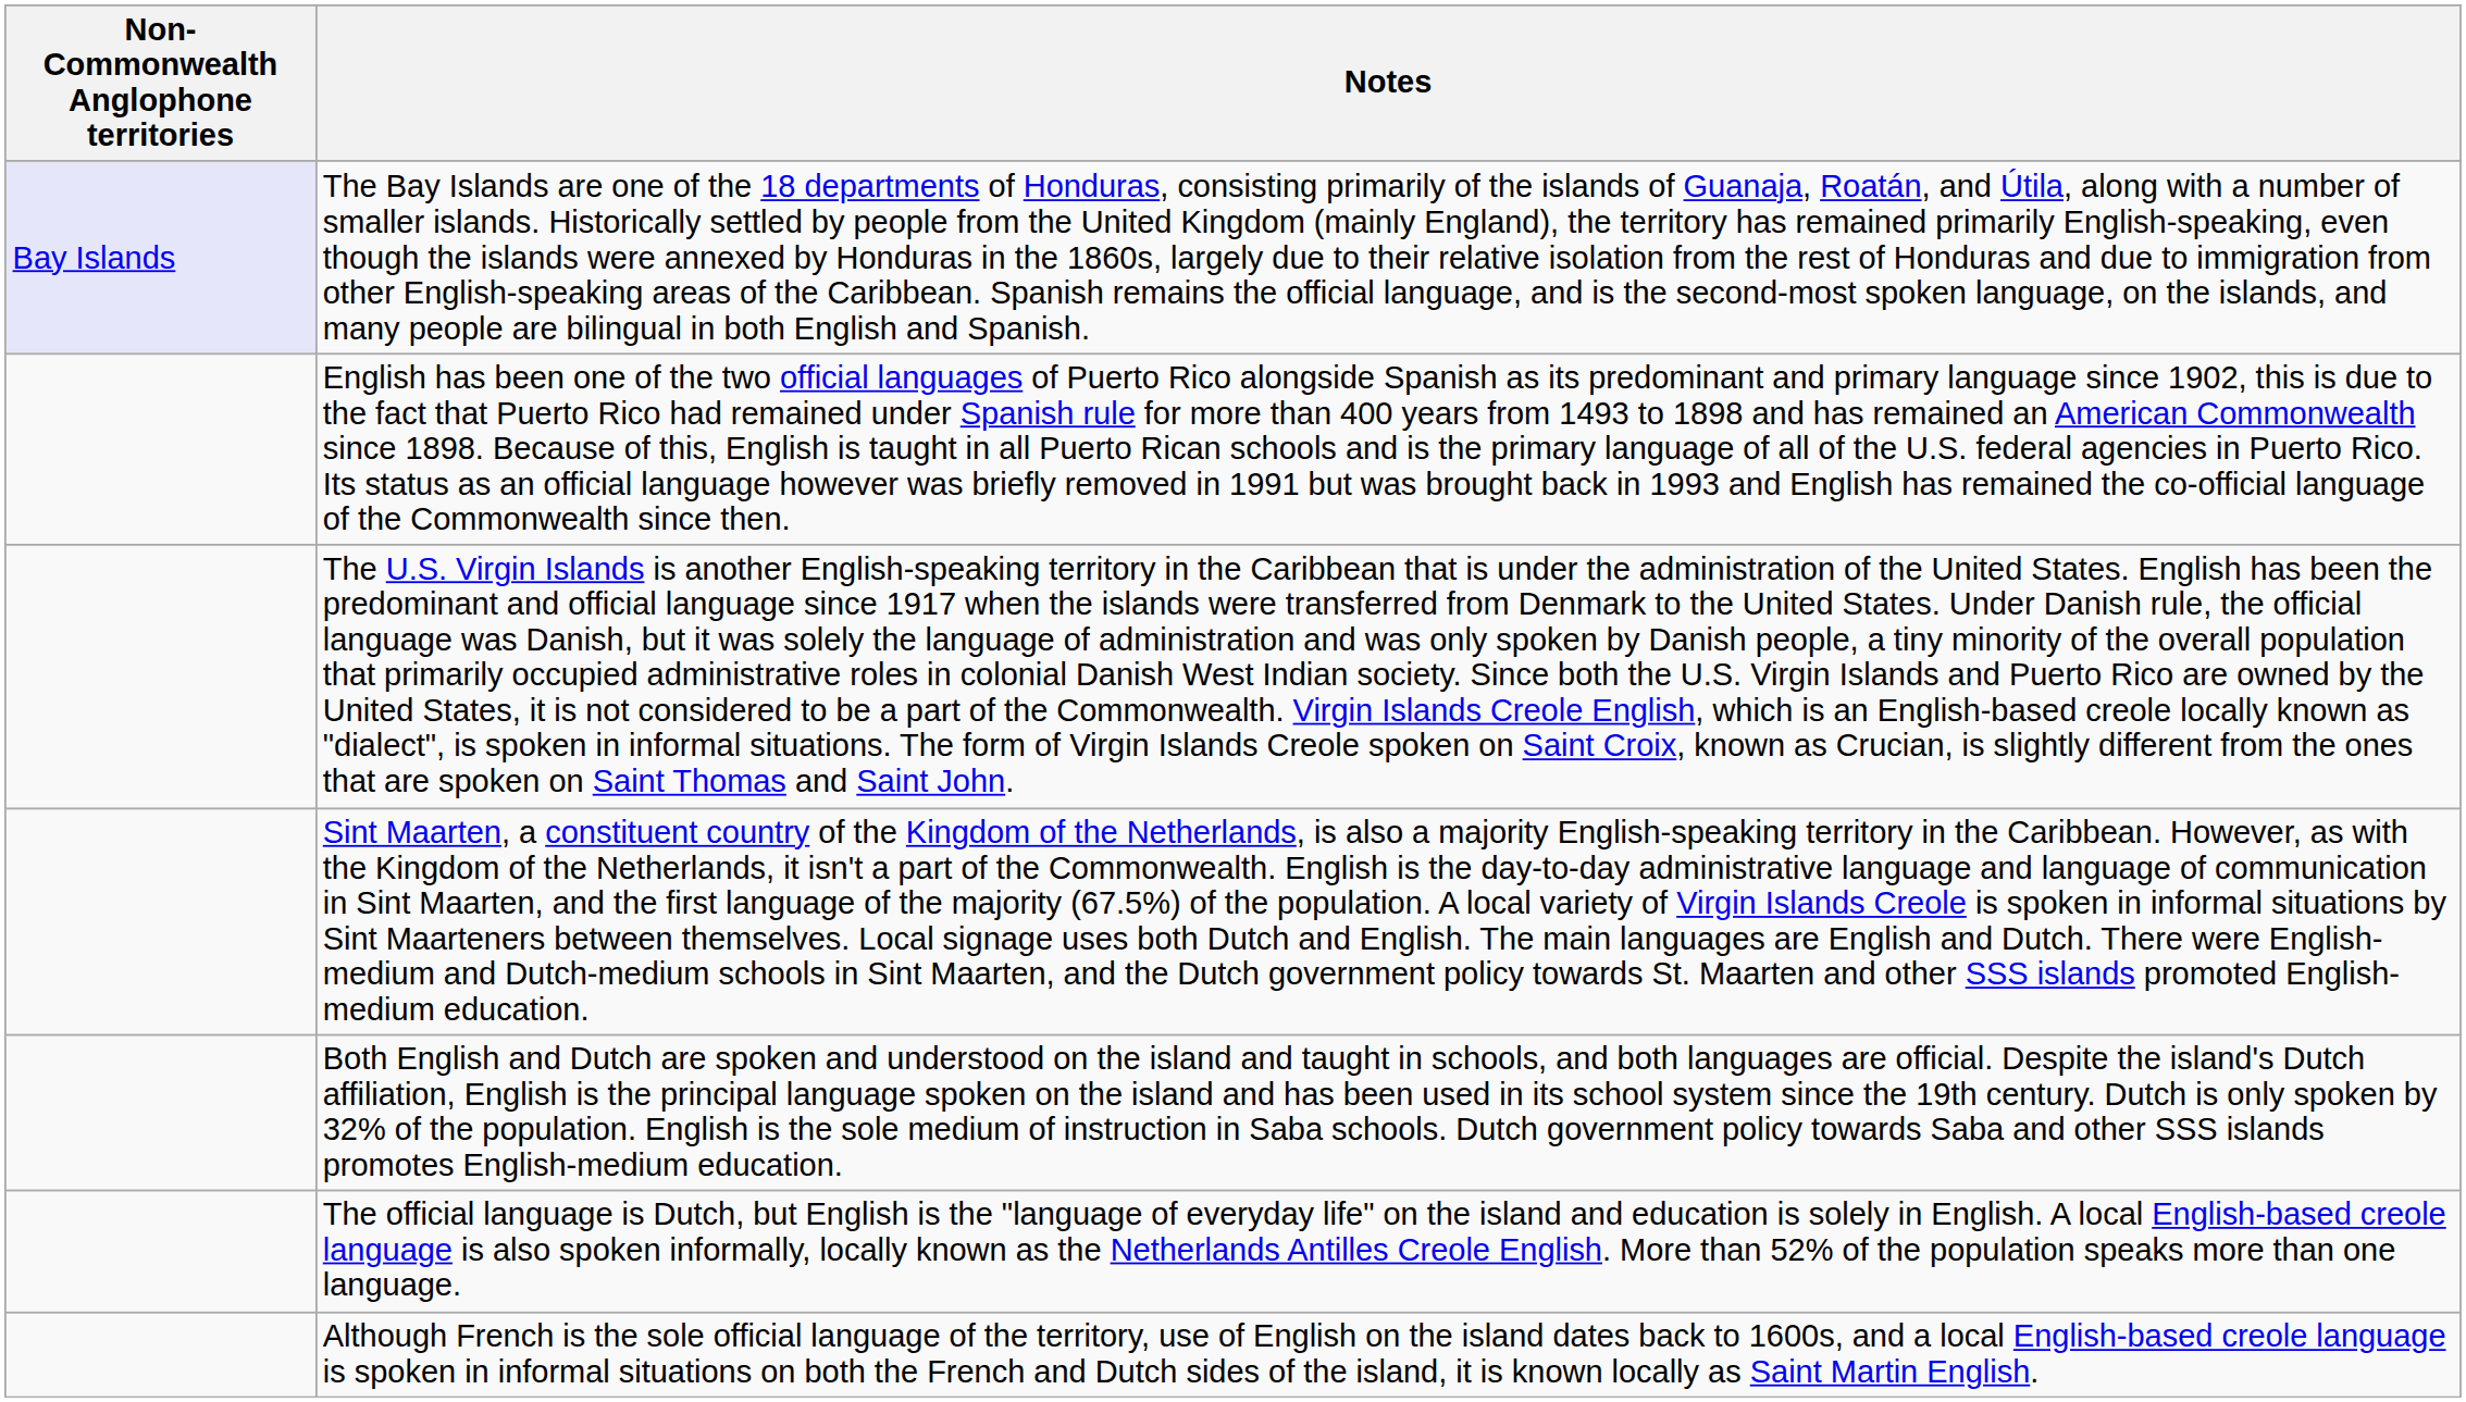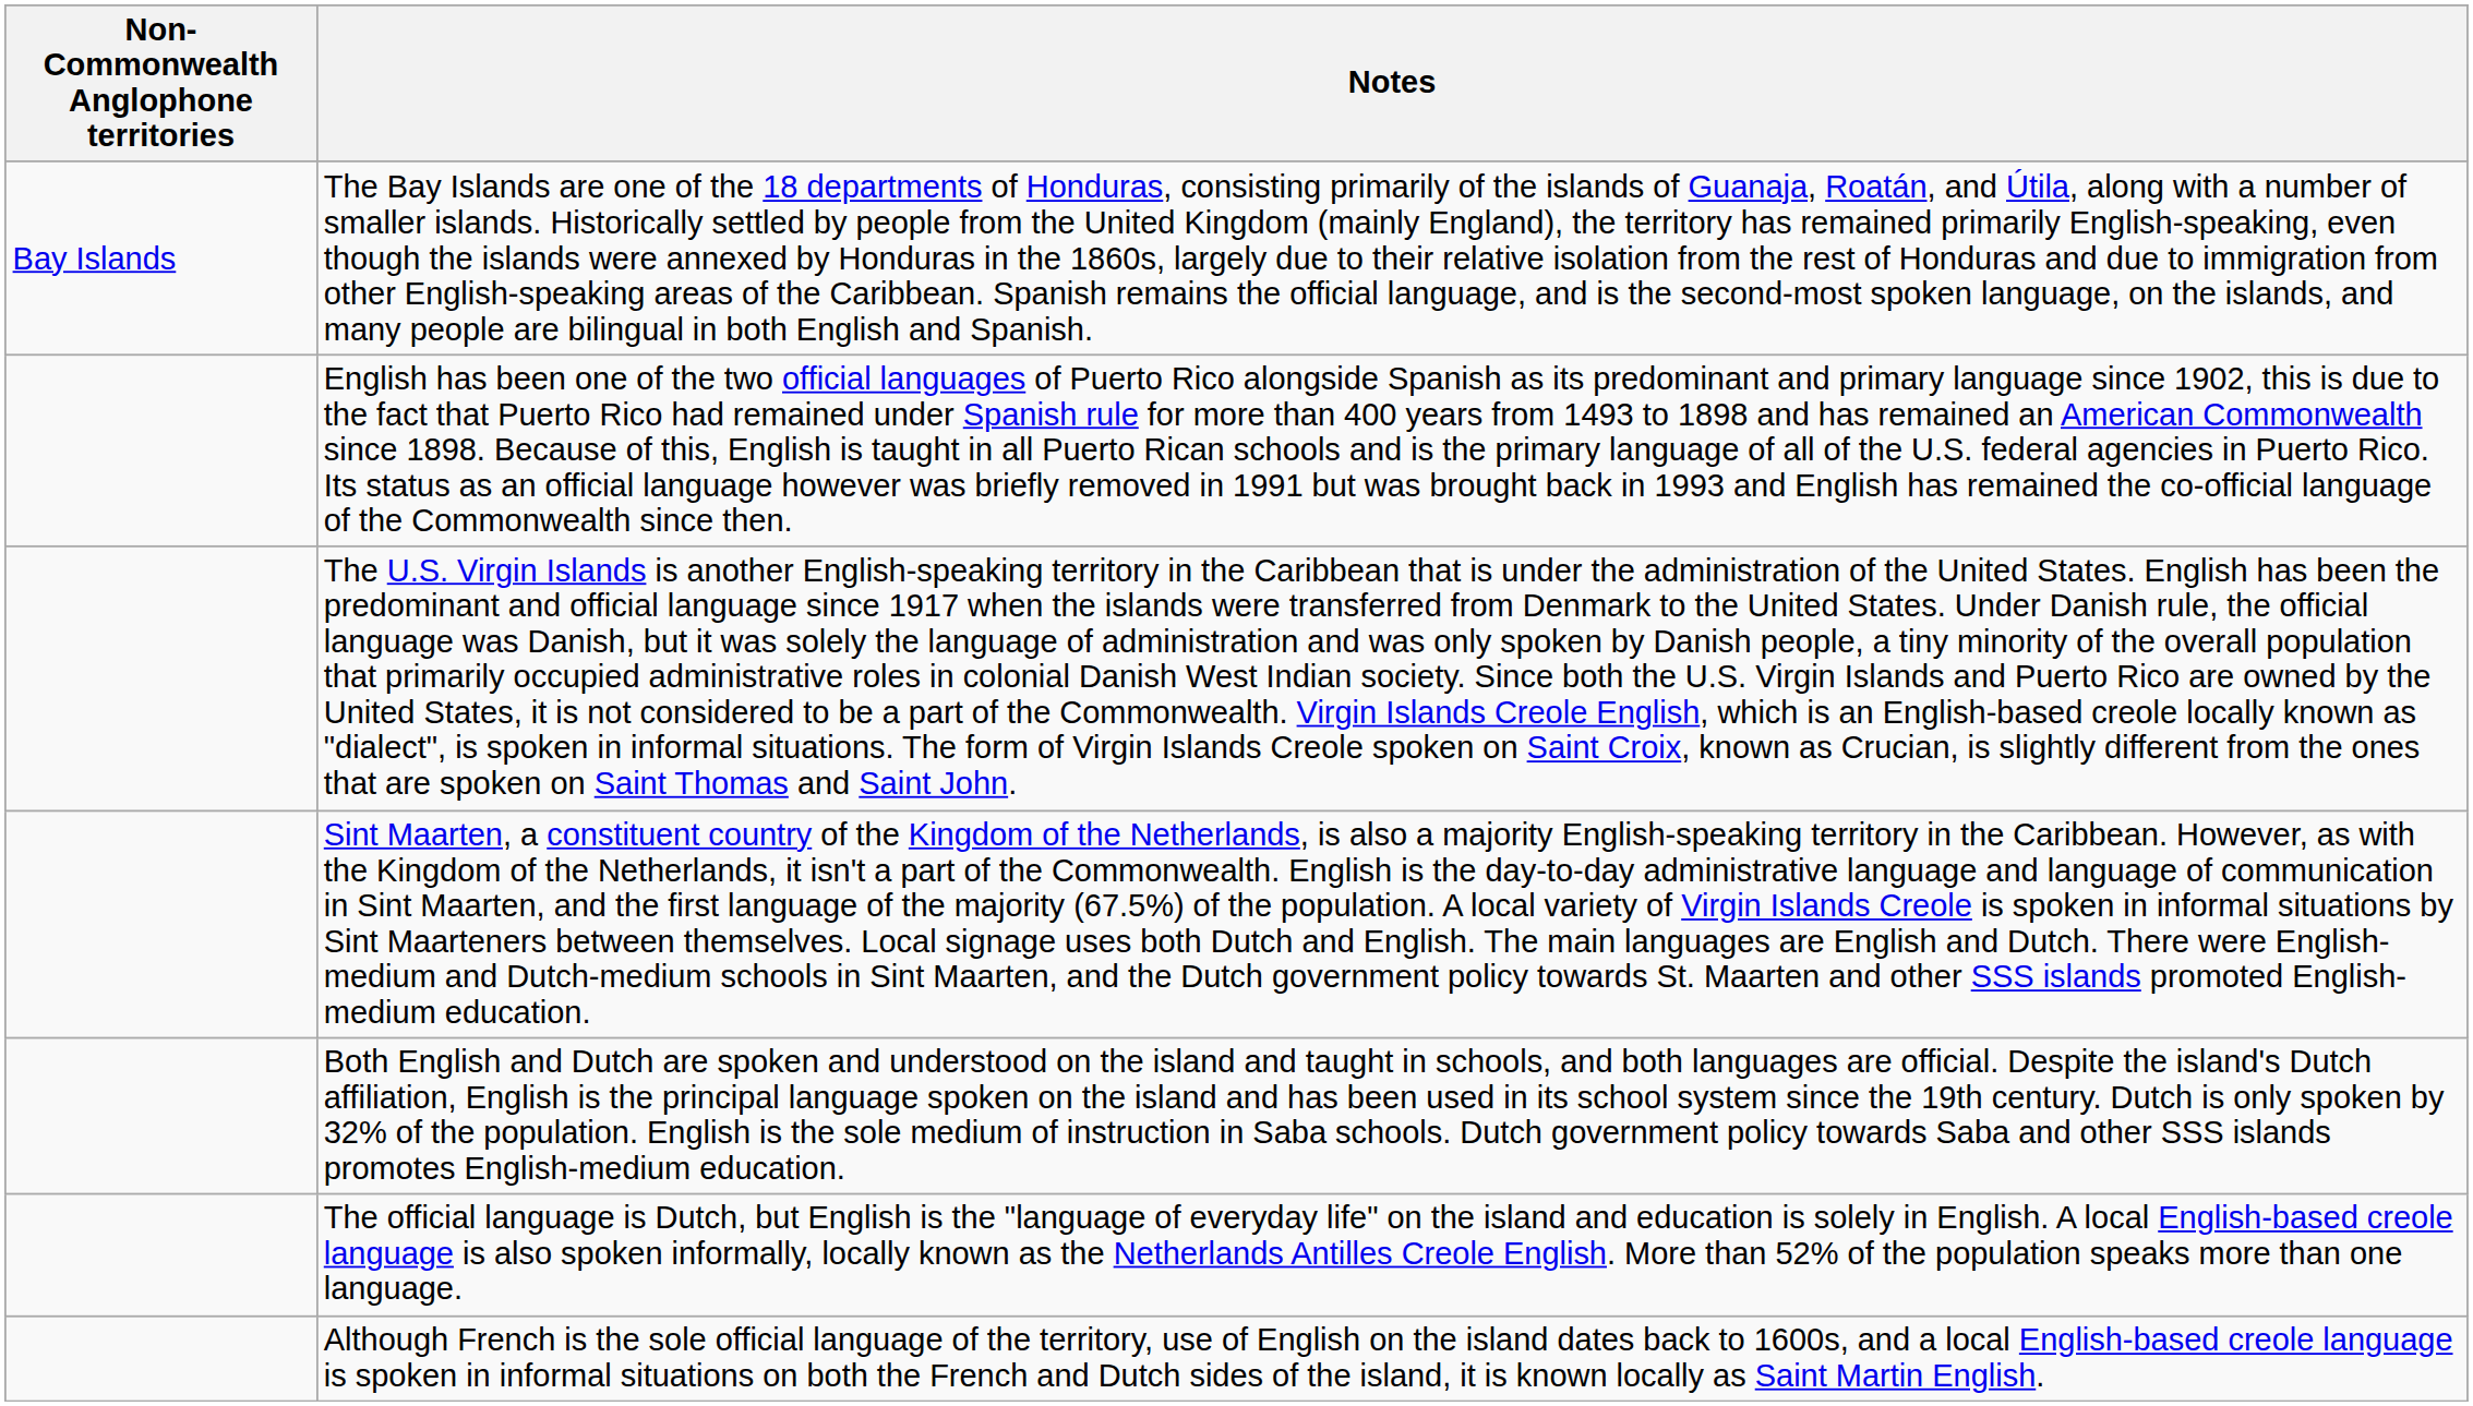 <table class="wikitable">
 <tr>
 <th>Non-Commonwealth Anglophone territories</th>
 <th>Notes</th>
 </tr>
 <tr>
-<td style="background: lavender;"> <a href='#'>Bay Islands</a></td>
+<td> <a href='#'>Bay Islands</a></td>
 <td>The Bay Islands are one of the <a href='#'>18 departments</a> of <a href='#'>Honduras</a>, consisting primarily of the islands of <a href='#'>Guanaja</a>, <a href='#'>Roatán</a>, and <a href='#'>Útila</a>, along with a number of smaller islands.  Historically settled by people from the United Kingdom (mainly England), the territory has remained primarily English-speaking, even though the islands were annexed by Honduras in the 1860s, largely due to their relative isolation from the rest of Honduras and due to immigration from other English-speaking areas of the Caribbean.  Spanish remains the official language, and is the second-most spoken language, on the islands, and many people are bilingual in both English and Spanish.</td>
 </tr>
 <tr>
 <td></td>
 <td>English has been one of the two <a href='#'>official languages</a> of Puerto Rico alongside Spanish as its predominant and primary language since 1902, this is due to the fact that Puerto Rico had remained under <a href='#'>Spanish rule</a> for more than 400 years from 1493 to 1898 and has remained an <a href='#'>American Commonwealth</a> since 1898. Because of this, English is taught in all Puerto Rican schools and is the primary language of all of the U.S. federal agencies in Puerto Rico. Its status as an official language however was briefly removed in 1991 but was brought back in 1993 and English has remained the co-official language of the Commonwealth since then.</td>
 </tr>
 <tr>
 <td></td>
 <td>The <a href='#'>U.S. Virgin Islands</a> is another English-speaking territory in the Caribbean that is under the administration of the United States. English has been the predominant and official language since 1917 when the islands were transferred from Denmark to the United States. Under Danish rule, the official language was Danish, but it was solely the language of administration and was only spoken by Danish people, a tiny minority of the overall population that primarily occupied administrative roles in colonial Danish West Indian society. Since both the U.S. Virgin Islands and Puerto Rico are owned by the United States, it is not considered to be a part of the Commonwealth. <a href='#'>Virgin Islands Creole English</a>, which is an English-based creole locally known as "dialect", is spoken in informal situations. The form of Virgin Islands Creole spoken on <a href='#'>Saint Croix</a>, known as Crucian, is slightly different from the ones that are spoken on <a href='#'>Saint Thomas</a> and <a href='#'>Saint John</a>.</td>
 </tr>
 <tr>
 <td></td>
 <td><a href='#'>Sint Maarten</a>, a <a href='#'>constituent country</a> of the <a href='#'>Kingdom of the Netherlands</a>, is also a majority English-speaking territory in the Caribbean. However, as with the Kingdom of the Netherlands, it isn't a part of the Commonwealth. English is the day-to-day administrative language and language of communication in Sint Maarten, and the first language of the majority (67.5%) of the population. A local variety of <a href='#'>Virgin Islands Creole</a> is spoken in informal situations by Sint Maarteners between themselves. Local signage uses both Dutch and English. The main languages are English and Dutch. There were English-medium and Dutch-medium schools in Sint Maarten, and the Dutch government policy towards St. Maarten and other <a href='#'>SSS islands</a> promoted English-medium education.</td>
 </tr>
 <tr>
 <td></td>
 <td>Both English and Dutch are spoken and understood on the island and taught in schools, and both languages are official. Despite the island's Dutch affiliation, English is the principal language spoken on the island and has been used in its school system since the 19th century. Dutch is only spoken by 32% of the population. English is the sole medium of instruction in Saba schools. Dutch government policy towards Saba and other SSS islands promotes English-medium education.</td>
 </tr>
 <tr>
 <td></td>
 <td>The official language is Dutch, but English is the "language of everyday life" on the island and education is solely in English. A local <a href='#'>English-based creole language</a> is also spoken informally, locally known as the <a href='#'>Netherlands Antilles Creole English</a>. More than 52% of the population speaks more than one language.</td>
 </tr>
 <tr>
 <td></td>
 <td>Although French is the sole official language of the territory, use of English on the island dates back to 1600s, and a local <a href='#'>English-based creole language</a> is spoken in informal situations on both the French and Dutch sides of the island, it is known locally as <a href='#'>Saint Martin English</a>.</td>
 </tr>
 </table>
